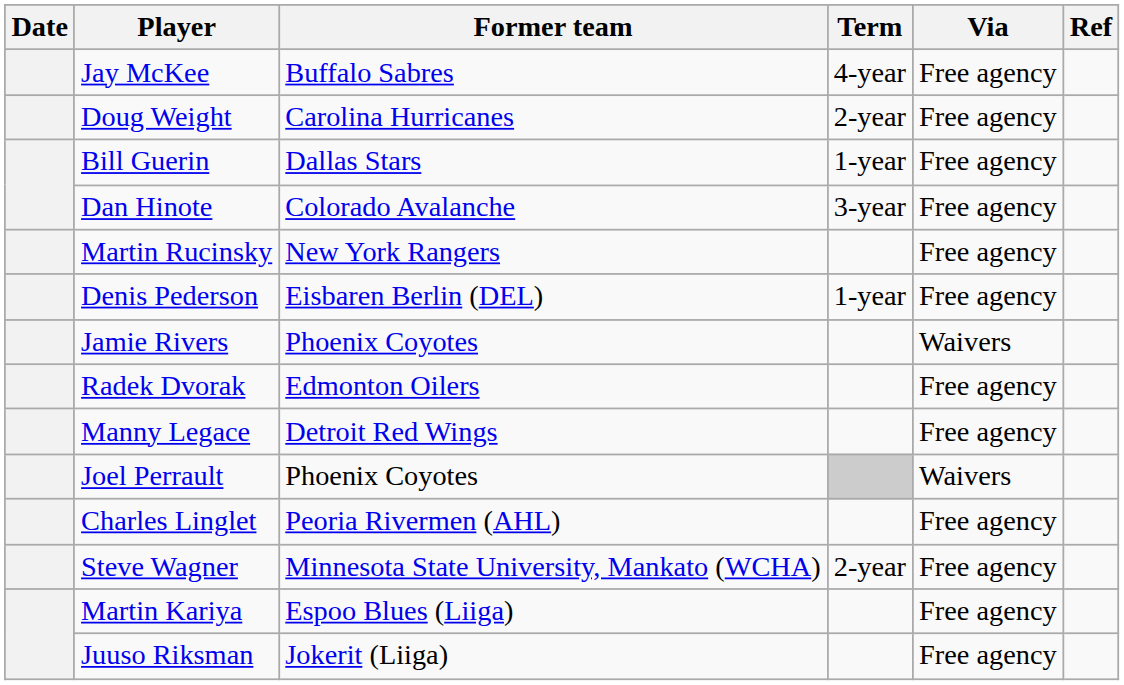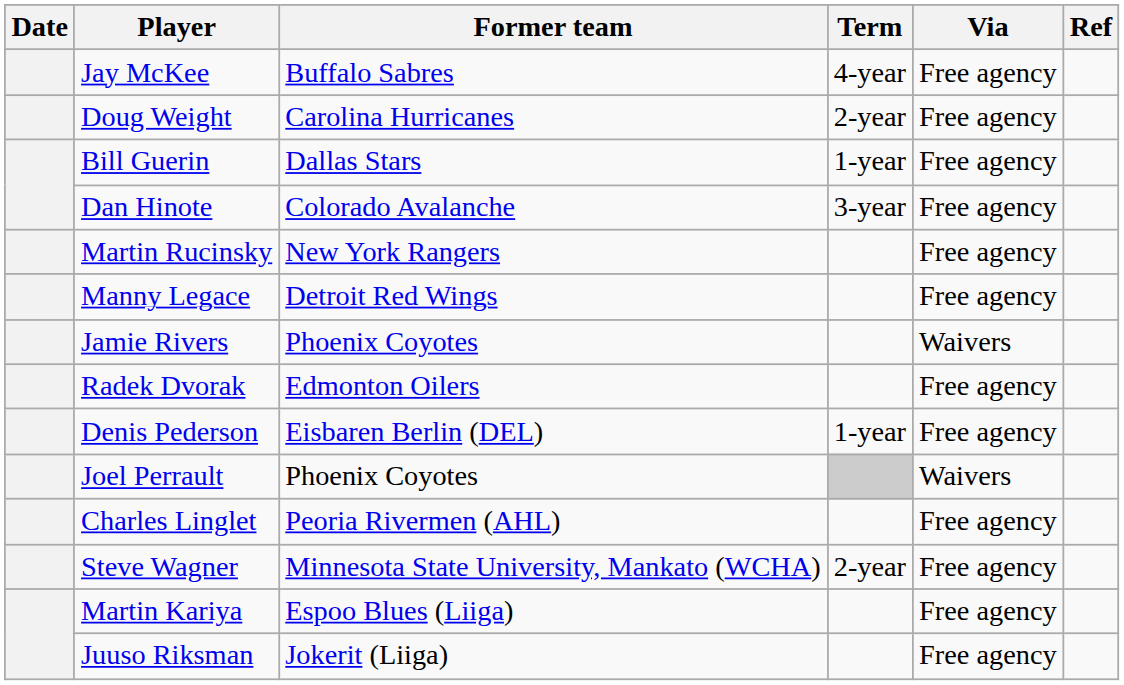 <table class="wikitable plainrowheaders">
 <tr style="background:#ddd; text-align:center;">
 <th>Date</th>
 <th>Player</th>
 <th>Former team</th>
 <th>Term</th>
 <th>Via</th>
 <th>Ref</th>
 </tr>
 <tr>
 <th scope="row"></th>
 <td><a href='#'>Jay McKee</a></td>
 <td><a href='#'>Buffalo Sabres</a></td>
 <td>4-year</td>
 <td>Free agency</td>
 <td></td>
 </tr>
 <tr>
 <th scope="row"></th>
 <td><a href='#'>Doug Weight</a></td>
 <td><a href='#'>Carolina Hurricanes</a></td>
 <td>2-year</td>
 <td>Free agency</td>
 <td></td>
 </tr>
 <tr>
 <th scope="row" rowspan=2></th>
 <td><a href='#'>Bill Guerin</a></td>
 <td><a href='#'>Dallas Stars</a></td>
 <td>1-year</td>
 <td>Free agency</td>
 <td></td>
 </tr>
 <tr>
 <td><a href='#'>Dan Hinote</a></td>
 <td><a href='#'>Colorado Avalanche</a></td>
 <td>3-year</td>
 <td>Free agency</td>
 <td></td>
 </tr>
 <tr>
 <th scope="row"></th>
 <td><a href='#'>Martin Rucinsky</a></td>
 <td><a href='#'>New York Rangers</a></td>
 <td></td>
 <td>Free agency</td>
 <td></td>
 </tr>
 <tr>
 <th scope="row"></th>
-<td><a href='#'>Denis Pederson</a></td>
-<td><a href='#'>Eisbaren Berlin</a> (<a href='#'>DEL</a>)</td>
-<td>1-year</td>
+<td><a href='#'>Manny Legace</a></td>
+<td><a href='#'>Detroit Red Wings</a></td>
+<td></td>
 <td>Free agency</td>
 <td></td>
 </tr>
 <tr>
 <th scope="row"></th>
 <td><a href='#'>Jamie Rivers</a></td>
 <td><a href='#'>Phoenix Coyotes</a></td>
 <td></td>
 <td>Waivers</td>
 <td></td>
 </tr>
 <tr>
 <th scope="row"></th>
 <td><a href='#'>Radek Dvorak</a></td>
 <td><a href='#'>Edmonton Oilers</a></td>
 <td></td>
 <td>Free agency</td>
 <td></td>
 </tr>
 <tr>
 <th scope="row"></th>
-<td><a href='#'>Manny Legace</a></td>
-<td><a href='#'>Detroit Red Wings</a></td>
-<td></td>
+<td><a href='#'>Denis Pederson</a></td>
+<td><a href='#'>Eisbaren Berlin</a> (<a href='#'>DEL</a>)</td>
+<td>1-year</td>
 <td>Free agency</td>
 <td></td>
 </tr>
 <tr>
 <th scope="row"></th>
 <td><a href='#'>Joel Perrault</a></td>
 <td>Phoenix Coyotes</td>
 <td style="background:#ccc"></td>
 <td>Waivers</td>
 <td></td>
 </tr>
 <tr>
 <th scope="row"></th>
 <td><a href='#'>Charles Linglet</a></td>
 <td><a href='#'>Peoria Rivermen</a> (<a href='#'>AHL</a>)</td>
 <td></td>
 <td>Free agency</td>
 <td></td>
 </tr>
 <tr>
 <th scope="row"></th>
 <td><a href='#'>Steve Wagner</a></td>
 <td><a href='#'>Minnesota State University, Mankato</a> (<a href='#'>WCHA</a>)</td>
 <td>2-year</td>
 <td>Free agency</td>
 <td></td>
 </tr>
 <tr>
 <th scope="row" rowspan=2></th>
 <td><a href='#'>Martin Kariya</a></td>
 <td><a href='#'>Espoo Blues</a> (<a href='#'>Liiga</a>)</td>
 <td></td>
 <td>Free agency</td>
 <td></td>
 </tr>
 <tr>
 <td><a href='#'>Juuso Riksman</a></td>
 <td><a href='#'>Jokerit</a> (Liiga)</td>
 <td></td>
 <td>Free agency</td>
 <td></td>
 </tr>
 </table>
